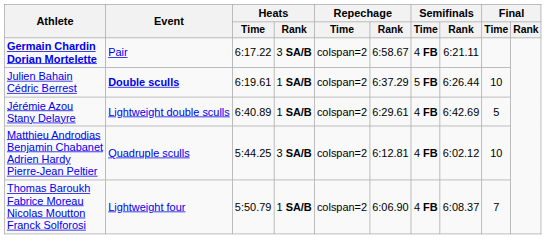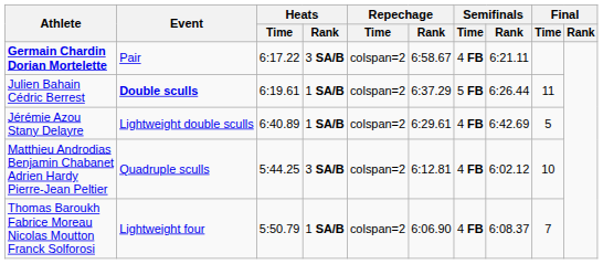 <table class="wikitable" style="font-size:90%">
 <tr>
 <th rowspan="2">Athlete</th>
 <th rowspan="2">Event</th>
 <th colspan="2">Heats</th>
 <th colspan="2">Repechage</th>
 <th colspan="2">Semifinals</th>
 <th colspan="2">Final</th>
 </tr>
 <tr style="font-size:95%">
 <th>Time</th>
 <th>Rank</th>
 <th>Time</th>
 <th>Rank</th>
 <th>Time</th>
 <th>Rank</th>
 <th>Time</th>
 <th>Rank</th>
 </tr>
 <tr align=center>
 <td align=left><strong><a href='#'>Germain Chardin</a><br><a href='#'>Dorian Mortelette</a></strong></td>
 <td align=left><a href='#'>Pair</a></td>
 <td>6:17.22</td>
 <td>3 <strong>SA/B</strong></td>
 <td>colspan=2 </td>
 <td>6:58.67</td>
 <td>4 <strong>FB</strong></td>
 <td>6:21.11</td>
 <td></td>
 </tr>
 <tr align=center>
 <td align=left><a href='#'>Julien Bahain</a><br><a href='#'>Cédric Berrest</a></td>
 <td align=left><strong><a href='#'>Double sculls</a></strong></td>
 <td>6:19.61</td>
 <td>1 <strong>SA/B</strong></td>
 <td>colspan=2 </td>
 <td>6:37.29</td>
 <td>5 <strong>FB</strong></td>
 <td>6:26.44</td>
-<td>10</td>
+<td>11</td>
 </tr>
 <tr align=center>
 <td align=left><a href='#'>Jérémie Azou</a><br><a href='#'>Stany Delayre</a></td>
 <td align=left><a href='#'>Lightweight double sculls</a></td>
 <td>6:40.89</td>
 <td>1 <strong>SA/B</strong></td>
 <td>colspan=2 </td>
 <td>6:29.61</td>
 <td>4 <strong>FB</strong></td>
 <td>6:42.69</td>
 <td>5</td>
 </tr>
 <tr align=center>
 <td align=left><a href='#'>Matthieu Androdias</a><br><a href='#'>Benjamin Chabanet</a><br><a href='#'>Adrien Hardy</a><br><a href='#'>Pierre-Jean Peltier</a></td>
 <td align=left><a href='#'>Quadruple sculls</a></td>
 <td>5:44.25</td>
 <td>3 <strong>SA/B</strong></td>
 <td>colspan=2 </td>
 <td>6:12.81</td>
 <td>4 <strong>FB</strong></td>
 <td>6:02.12</td>
 <td>10</td>
 </tr>
 <tr align=center>
 <td align=left><a href='#'>Thomas Baroukh</a><br><a href='#'>Fabrice Moreau</a><br><a href='#'>Nicolas Moutton</a><br><a href='#'>Franck Solforosi</a></td>
 <td align=left><a href='#'>Lightweight four</a></td>
 <td>5:50.79</td>
 <td>1 <strong>SA/B</strong></td>
 <td>colspan=2 </td>
 <td>6:06.90</td>
 <td>4 <strong>FB</strong></td>
 <td>6:08.37</td>
 <td>7</td>
 </tr>
 </table>
